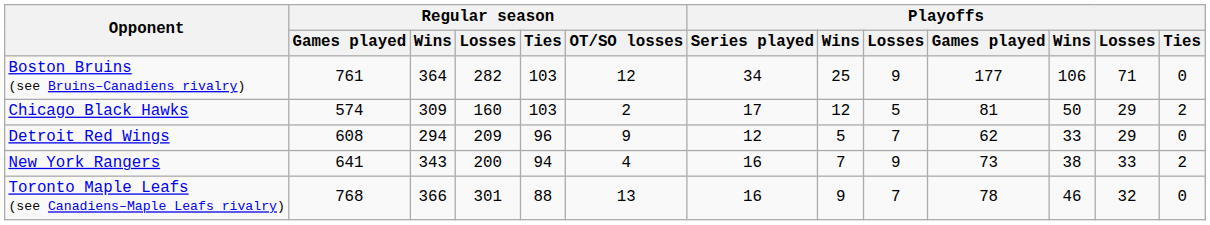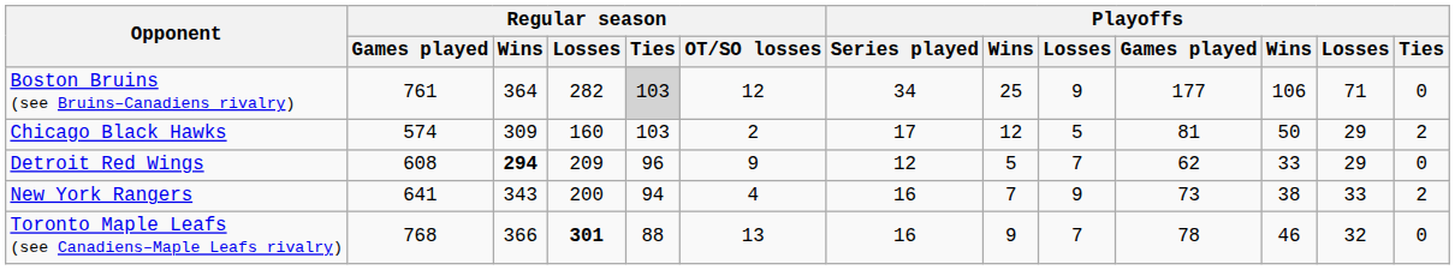 <table class="wikitable unsortable" style="text-align:center; font-size:95%;">
 <tr>
 <th rowspan="2">Opponent</th>
 <th colspan="5">Regular season</th>
 <th colspan="8">Playoffs</th>
 </tr>
 <tr>
 <th>Games played</th>
 <th>Wins</th>
 <th>Losses</th>
 <th>Ties</th>
 <th>OT/SO losses</th>
 <th>Series played</th>
 <th>Wins</th>
 <th>Losses</th>
 <th>Games played</th>
 <th>Wins</th>
 <th>Losses</th>
 <th>Ties</th>
 </tr>
 <tr>
 <td style="text-align:left;"><a href='#'>Boston Bruins</a><br><small>(see <a href='#'>Bruins–Canadiens rivalry</a>)</small></td>
 <td>761</td>
 <td>364</td>
 <td>282</td>
-<td>103</td>
+<td style="background: lightgrey;">103</td>
 <td>12</td>
 <td>34</td>
 <td>25</td>
 <td>9</td>
 <td>177</td>
 <td>106</td>
 <td>71</td>
 <td>0</td>
 </tr>
 <tr>
 <td style="text-align:left;"><a href='#'>Chicago Black Hawks</a></td>
 <td>574</td>
 <td>309</td>
 <td>160</td>
 <td>103</td>
 <td>2</td>
 <td>17</td>
 <td>12</td>
 <td>5</td>
 <td>81</td>
 <td>50</td>
 <td>29</td>
 <td>2</td>
 </tr>
 <tr>
 <td style="text-align:left;"><a href='#'>Detroit Red Wings</a></td>
 <td>608</td>
-<td>294</td>
+<td><strong>294</strong></td>
 <td>209</td>
 <td>96</td>
 <td>9</td>
 <td>12</td>
 <td>5</td>
 <td>7</td>
 <td>62</td>
 <td>33</td>
 <td>29</td>
 <td>0</td>
 </tr>
 <tr>
 <td style="text-align:left;"><a href='#'>New York Rangers</a></td>
 <td>641</td>
 <td>343</td>
 <td>200</td>
 <td>94</td>
 <td>4</td>
 <td>16</td>
 <td>7</td>
 <td>9</td>
 <td>73</td>
 <td>38</td>
 <td>33</td>
 <td>2</td>
 </tr>
 <tr>
 <td style="text-align:left;"><a href='#'>Toronto Maple Leafs</a><br><small>(see <a href='#'>Canadiens–Maple Leafs rivalry</a>)</small></td>
 <td>768</td>
 <td>366</td>
-<td>301</td>
+<td><strong>301</strong></td>
 <td>88</td>
 <td>13</td>
 <td>16</td>
 <td>9</td>
 <td>7</td>
 <td>78</td>
 <td>46</td>
 <td>32</td>
 <td>0</td>
 </tr>
 </table>
